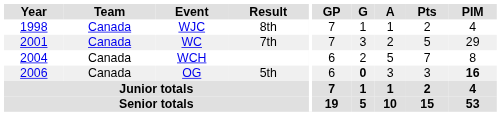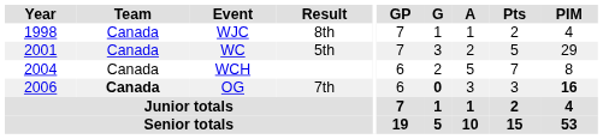 <table border="0" cellpadding="1" cellspacing="0" ID="Table3" style="text-align:center; width:40em">
 <tr ALIGN="centre" bgcolor="#e0e0e0">
 <th>Year</th>
 <th>Team</th>
 <th>Event</th>
 <th>Result</th>
 <th rowspan="99" bgcolor="#ffffff"></th>
 <th>GP</th>
 <th>G</th>
 <th>A</th>
 <th>Pts</th>
 <th>PIM</th>
 </tr>
 <tr>
 <td><a href='#'>1998</a></td>
 <td><a href='#'>Canada</a></td>
 <td><a href='#'>WJC</a></td>
 <td>8th</td>
 <td>7</td>
 <td>1</td>
 <td>1</td>
 <td>2</td>
 <td>4</td>
 </tr>
 <tr bgcolor="#f0f0f0">
 <td><a href='#'>2001</a></td>
 <td><a href='#'>Canada</a></td>
 <td><a href='#'>WC</a></td>
-<td>7th</td>
+<td>5th</td>
 <td>7</td>
 <td>3</td>
 <td>2</td>
 <td>5</td>
 <td>29</td>
 </tr>
 <tr>
 <td><a href='#'>2004</a></td>
 <td>Canada</td>
 <td><a href='#'>WCH</a></td>
 <td></td>
 <td>6</td>
 <td>2</td>
 <td>5</td>
 <td>7</td>
 <td>8</td>
 </tr>
 <tr bgcolor="#f0f0f0">
 <td><a href='#'>2006</a></td>
-<td>Canada</td>
+<td><strong>Canada</strong></td>
 <td><a href='#'>OG</a></td>
-<td>5th</td>
+<td>7th</td>
 <td>6</td>
 <td><strong>0</strong></td>
 <td>3</td>
 <td>3</td>
 <td><strong>16</strong></td>
 </tr>
 <tr bgcolor="#e0e0e0">
 <th colspan=4>Junior totals</th>
 <th>7</th>
 <th>1</th>
 <th>1</th>
 <th>2</th>
 <th>4</th>
 </tr>
 <tr bgcolor="#e0e0e0">
 <th colspan=4>Senior totals</th>
 <th>19</th>
 <th>5</th>
 <th>10</th>
 <th>15</th>
 <th>53</th>
 </tr>
 </table>
